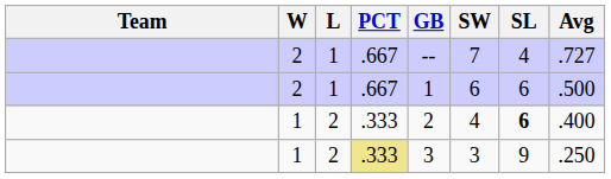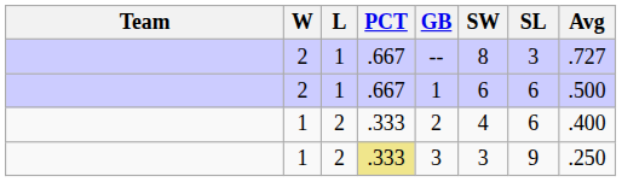 <table class=wikitable style="text-align:center;">
 <tr>
 <th style="width:200px;">Team</th>
 <th width=20px>W</th>
 <th width=20px>L</th>
 <th width=35px><a href='#'>PCT</a></th>
 <th width=25px><a href='#'>GB</a></th>
 <th width=30px>SW</th>
 <th width=30px>SL</th>
 <th width=35px>Avg</th>
 </tr>
 <tr style="background:#ccf;">
 <td align=left></td>
 <td>2</td>
 <td>1</td>
 <td>.667</td>
 <td>--</td>
-<td>7</td>
-<td>4</td>
+<td>8</td>
+<td>3</td>
 <td>.727</td>
 </tr>
 <tr style="background:#ccf;">
 <td align=left></td>
 <td>2</td>
 <td>1</td>
 <td>.667</td>
 <td>1</td>
 <td>6</td>
 <td>6</td>
 <td>.500</td>
 </tr>
 <tr>
 <td align=left></td>
 <td>1</td>
 <td>2</td>
 <td>.333</td>
 <td>2</td>
 <td>4</td>
-<td><strong>6</strong></td>
+<td>6</td>
 <td>.400</td>
 </tr>
 <tr>
 <td align=left></td>
 <td>1</td>
 <td>2</td>
 <td style="background: khaki;">.333</td>
 <td>3</td>
 <td>3</td>
 <td>9</td>
 <td>.250</td>
 </tr>
 </table>
